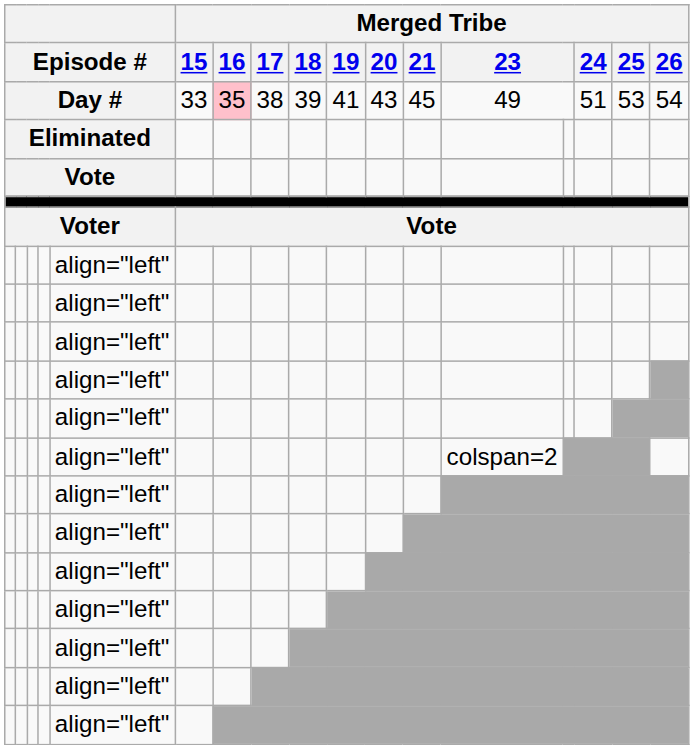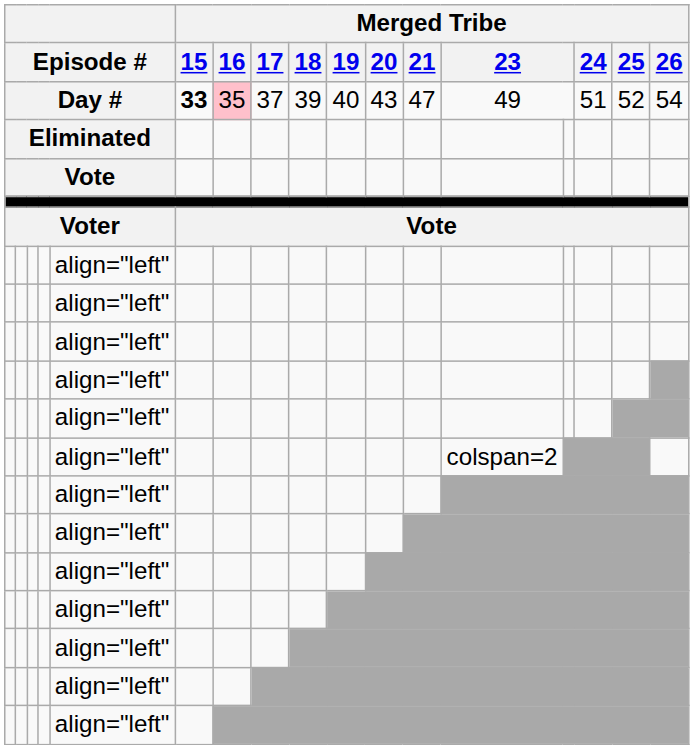 <table class="wikitable" style="text-align:center; white-space:nowrap;">
 <tr>
 <th colspan="5"></th>
 <th colspan="12">Merged Tribe</th>
 </tr>
 <tr>
 <th colspan="5">Episode #</th>
 <th><a href='#'>15</a></th>
 <th><a href='#'>16</a></th>
 <th><a href='#'>17</a></th>
 <th><a href='#'>18</a></th>
 <th><a href='#'>19</a></th>
 <th><a href='#'>20</a></th>
 <th><a href='#'>21</a></th>
 <th colspan="2"><a href='#'>23</a></th>
 <th><a href='#'>24</a></th>
 <th><a href='#'>25</a></th>
 <th><a href='#'>26</a></th>
 </tr>
 <tr>
 <th colspan="5">Day #</th>
-<td>33</td>
+<td><strong>33</strong></td>
 <td style="background: pink;">35</td>
-<td>38</td>
+<td>37</td>
 <td>39</td>
-<td>41</td>
+<td>40</td>
 <td>43</td>
-<td>45</td>
+<td>47</td>
 <td colspan="2">49</td>
 <td>51</td>
-<td>53</td>
+<td>52</td>
 <td>54</td>
 </tr>
 <tr>
 <th colspan="5">Eliminated</th>
 <td></td>
 <td></td>
 <td></td>
 <td></td>
 <td></td>
 <td></td>
 <td></td>
 <td></td>
 <td></td>
 <td></td>
 <td></td>
 <td></td>
 </tr>
 <tr>
 <th colspan="5">Vote</th>
 <td></td>
 <td></td>
 <td></td>
 <td></td>
 <td></td>
 <td></td>
 <td></td>
 <td></td>
 <td></td>
 <td></td>
 <td></td>
 <td></td>
 </tr>
 <tr>
 <td colspan="17" bgcolor="black"></td>
 </tr>
 <tr>
 <th colspan="5">Voter</th>
 <th colspan="16" align="center">Vote</th>
 </tr>
 <tr>
 <td></td>
 <td></td>
 <td></td>
 <td></td>
 <td>align="left" </td>
 <td></td>
 <td></td>
 <td></td>
 <td></td>
 <td></td>
 <td></td>
 <td></td>
 <td></td>
 <td></td>
 <td></td>
 <td></td>
 <td></td>
 </tr>
 <tr>
 <td></td>
 <td></td>
 <td></td>
 <td></td>
 <td>align="left" </td>
 <td></td>
 <td></td>
 <td></td>
 <td></td>
 <td></td>
 <td></td>
 <td></td>
 <td></td>
 <td></td>
 <td></td>
 <td></td>
 <td></td>
 </tr>
 <tr>
 <td></td>
 <td></td>
 <td></td>
 <td></td>
 <td>align="left" </td>
 <td></td>
 <td></td>
 <td></td>
 <td></td>
 <td></td>
 <td></td>
 <td></td>
 <td></td>
 <td></td>
 <td></td>
 <td></td>
 <td></td>
 </tr>
 <tr>
 <td></td>
 <td></td>
 <td></td>
 <td></td>
 <td>align="left" </td>
 <td></td>
 <td></td>
 <td></td>
 <td></td>
 <td></td>
 <td></td>
 <td></td>
 <td></td>
 <td></td>
 <td></td>
 <td></td>
 <td colspan="1" style="background:darkgrey;"></td>
 </tr>
 <tr>
 <td></td>
 <td></td>
 <td></td>
 <td></td>
 <td>align="left" </td>
 <td></td>
 <td></td>
 <td></td>
 <td></td>
 <td></td>
 <td></td>
 <td></td>
 <td></td>
 <td></td>
 <td></td>
 <td colspan="2" style="background:darkgrey;"></td>
 </tr>
 <tr>
 <td></td>
 <td></td>
 <td></td>
 <td></td>
 <td>align="left" </td>
 <td></td>
 <td></td>
 <td></td>
 <td></td>
 <td></td>
 <td></td>
 <td></td>
 <td>colspan=2 </td>
 <td colspan="3" style="background:darkgrey;"></td>
 </tr>
 <tr>
 <td></td>
 <td></td>
 <td></td>
 <td></td>
 <td>align="left" </td>
 <td></td>
 <td></td>
 <td></td>
 <td></td>
 <td></td>
 <td></td>
 <td></td>
 <td colspan="5" style="background:darkgrey;"></td>
 </tr>
 <tr>
 <td></td>
 <td></td>
 <td></td>
 <td></td>
 <td>align="left" </td>
 <td></td>
 <td></td>
 <td></td>
 <td></td>
 <td></td>
 <td></td>
 <td colspan="6" style="background:darkgrey;"></td>
 </tr>
 <tr>
 <td></td>
 <td></td>
 <td></td>
 <td></td>
 <td>align="left" </td>
 <td></td>
 <td></td>
 <td></td>
 <td></td>
 <td></td>
 <td colspan="7" style="background:darkgrey;"></td>
 </tr>
 <tr>
 <td></td>
 <td></td>
 <td></td>
 <td></td>
 <td>align="left" </td>
 <td></td>
 <td></td>
 <td></td>
 <td></td>
 <td colspan="8" style="background:darkgrey;"></td>
 </tr>
 <tr>
 <td></td>
 <td></td>
 <td></td>
 <td></td>
 <td>align="left" </td>
 <td></td>
 <td></td>
 <td></td>
 <td colspan="9" style="background:darkgrey;"></td>
 </tr>
 <tr>
 <td></td>
 <td></td>
 <td></td>
 <td></td>
 <td>align="left" </td>
 <td></td>
 <td></td>
 <td colspan="10" style="background:darkgrey;"></td>
 </tr>
 <tr>
 <td></td>
 <td></td>
 <td></td>
 <td></td>
 <td>align="left" </td>
 <td></td>
 <td colspan="11" style="background:darkgrey;"></td>
 </tr>
 </table>
